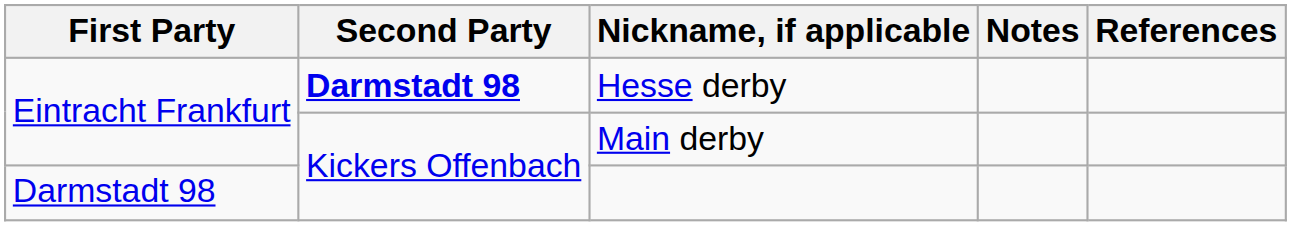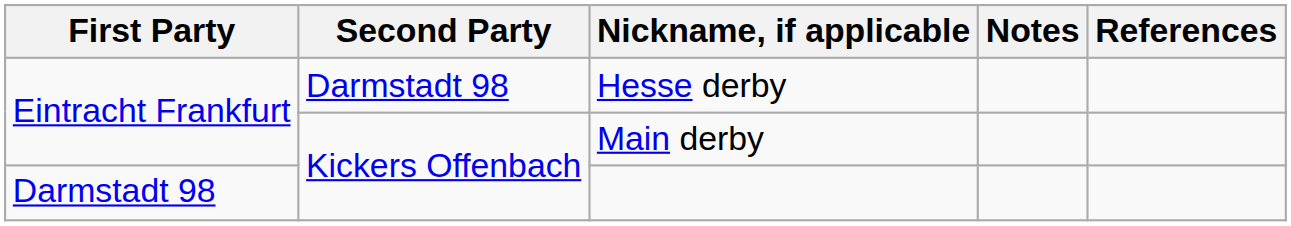 <table class="wikitable">
 <tr>
 <th>First Party</th>
 <th>Second Party</th>
 <th>Nickname, if applicable</th>
 <th>Notes</th>
 <th>References</th>
 </tr>
 <tr>
 <td rowspan=2><a href='#'>Eintracht Frankfurt</a></td>
-<td><strong><a href='#'>Darmstadt 98</a></strong></td>
+<td><a href='#'>Darmstadt 98</a></td>
 <td><a href='#'>Hesse</a> derby</td>
 <td></td>
 <td></td>
 </tr>
 <tr>
 <td rowspan=2><a href='#'>Kickers Offenbach</a></td>
 <td><a href='#'>Main</a> derby</td>
 <td></td>
 <td></td>
 </tr>
 <tr>
 <td><a href='#'>Darmstadt 98</a></td>
 <td></td>
 <td></td>
 <td></td>
 </tr>
 </table>
